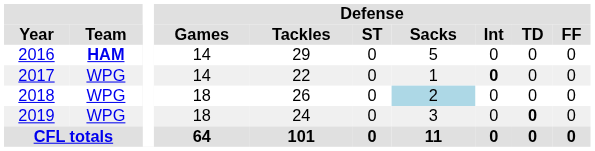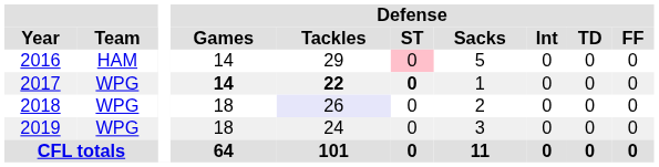 <table BORDER="0" CELLPADDING="1" CELLSPACING="0" width="65%" style="text-align:center">
 <tr bgcolor="#e0e0e0">
 <th colspan="2"></th>
 <th rowspan="100" bgcolor="#ffffff"> </th>
 <th colspan="7">Defense</th>
 </tr>
 <tr bgcolor="#e0e0e0">
 <th>Year</th>
 <th>Team</th>
 <th>Games</th>
 <th>Tackles</th>
 <th>ST</th>
 <th>Sacks</th>
 <th>Int</th>
 <th>TD</th>
 <th>FF</th>
 </tr>
 <tr>
 <td><a href='#'>2016</a></td>
-<td><strong><a href='#'>HAM</a></strong></td>
+<td><a href='#'>HAM</a></td>
 <td>14</td>
 <td>29</td>
-<td>0</td>
+<td style="background: pink;">0</td>
 <td>5</td>
 <td>0</td>
 <td>0</td>
 <td>0</td>
 </tr>
 <tr ALIGN="center" bgcolor="#f0f0f0">
 <td><a href='#'>2017</a></td>
 <td><a href='#'>WPG</a></td>
-<td>14</td>
-<td>22</td>
+<td><strong>14</strong></td>
+<td><strong>22</strong></td>
+<td><strong>0</strong></td>
+<td>1</td>
 <td>0</td>
-<td>1</td>
-<td><strong>0</strong></td>
 <td>0</td>
 <td>0</td>
 </tr>
 <tr>
 <td><a href='#'>2018</a></td>
 <td><a href='#'>WPG</a></td>
 <td>18</td>
-<td>26</td>
+<td style="background: lavender;">26</td>
 <td>0</td>
-<td style="background: lightblue;">2</td>
+<td>2</td>
 <td>0</td>
 <td>0</td>
 <td>0</td>
 </tr>
 <tr ALIGN="center" bgcolor="#f0f0f0">
 <td><a href='#'>2019</a></td>
 <td><a href='#'>WPG</a></td>
 <td>18</td>
 <td>24</td>
 <td>0</td>
 <td>3</td>
 <td>0</td>
-<td><strong>0</strong></td>
+<td>0</td>
 <td>0</td>
 </tr>
 <tr>
 </tr>
 <tr bgcolor="#e0e0e0">
 <th colspan="2"><a href='#'>CFL totals</a></th>
 <th>64</th>
 <th>101</th>
 <th>0</th>
 <th>11</th>
 <th>0</th>
 <th>0</th>
 <th>0</th>
 </tr>
 </table>
